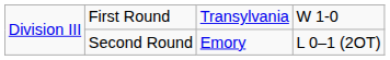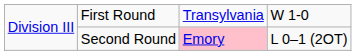 <table class="wikitable">
 <tr>
 <td rowspan="5"><a href='#'>Division III</a></td>
 <td>First Round</td>
 <td><a href='#'>Transylvania</a></td>
 <td>W 1-0</td>
 </tr>
 <tr>
 <td>Second Round</td>
-<td><a href='#'>Emory</a></td>
+<td style="background: pink;"><a href='#'>Emory</a></td>
 <td>L 0–1 (2OT)</td>
 </tr>
 </table>
